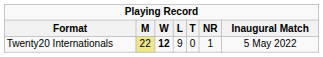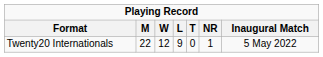 <table class="wikitable" style="text-align: center; width: 500px;">
 <tr>
 <td colspan=7 align="center"><strong>Playing Record</strong></td>
 </tr>
 <tr>
 <th>Format</th>
 <th>M</th>
 <th>W</th>
 <th>L</th>
 <th>T</th>
 <th>NR</th>
 <th>Inaugural Match</th>
 </tr>
 <tr>
 <td align="left">Twenty20 Internationals</td>
-<td style="background: khaki;">22</td>
-<td><strong>12</strong></td>
+<td>22</td>
+<td>12</td>
 <td>9</td>
 <td>0</td>
 <td>1</td>
 <td>5 May 2022</td>
 </tr>
 </table>
